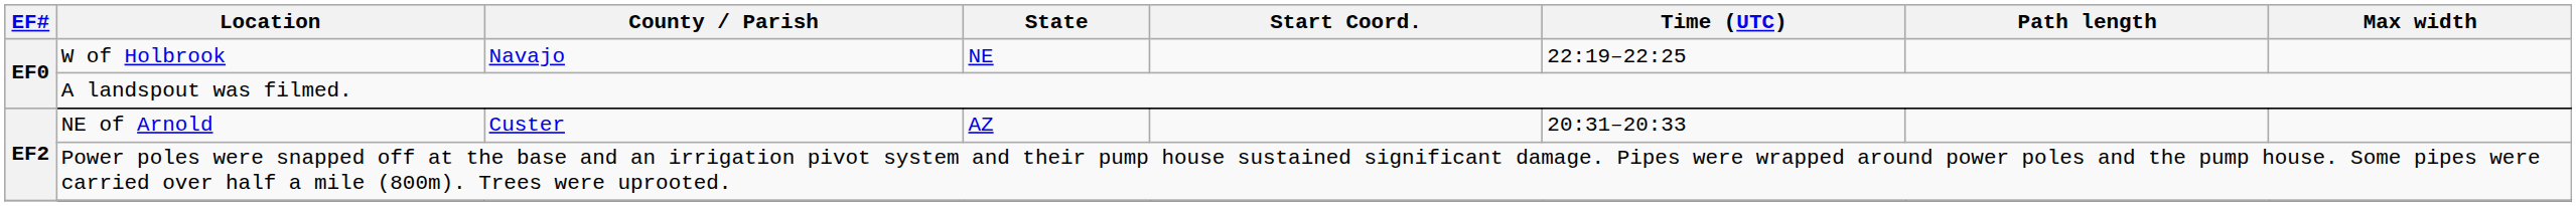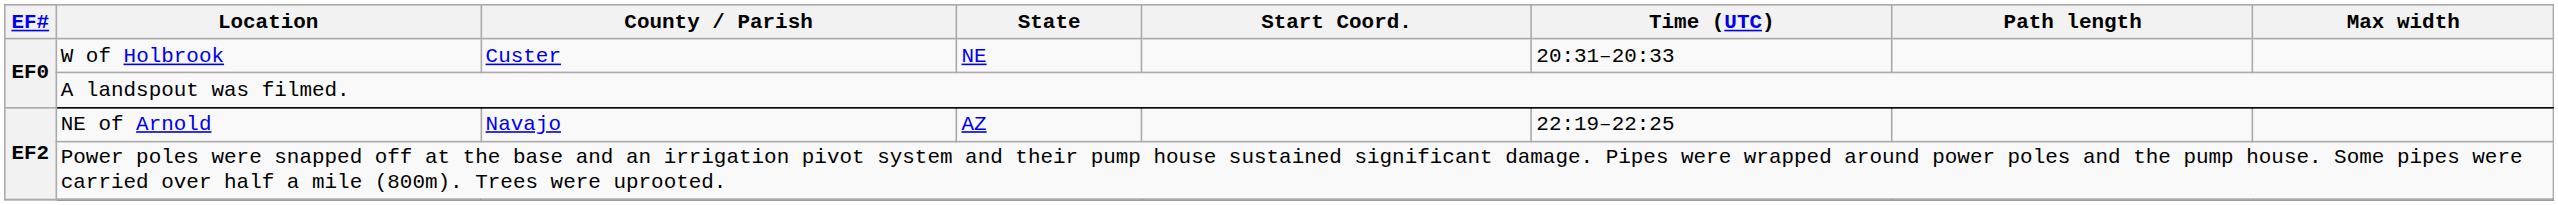 <table class="wikitable sortable" style="width:100%;">
 <tr>
 <th scope="col" width="2%" align="center"><a href='#'>EF#</a></th>
 <th scope="col" align="center" class="unsortable">Location</th>
 <th scope="col" align="center" class="unsortable">County / Parish</th>
 <th scope="col" align="center">State</th>
 <th scope="col" align="center">Start Coord.</th>
 <th scope="col" align="center">Time (<a href='#'>UTC</a>)</th>
 <th scope="col" align="center">Path length</th>
 <th scope="col" align="center">Max width</th>
 </tr>
 <tr>
 <th scope="row" rowspan="2" style="background-color:#">EF0</th>
 <td>W of <a href='#'>Holbrook</a></td>
-<td><a href='#'>Navajo</a></td>
+<td><a href='#'>Custer</a></td>
 <td><a href='#'>NE</a></td>
 <td></td>
-<td>22:19–22:25</td>
+<td>20:31–20:33</td>
 <td></td>
 <td></td>
 </tr>
 <tr class="expand-child">
 <td colspan="8" style=" border-bottom: 1px solid black;">A landspout was filmed.</td>
 </tr>
 <tr>
 <th scope="row" rowspan="2" style="background-color:#">EF2</th>
 <td>NE of <a href='#'>Arnold</a></td>
-<td><a href='#'>Custer</a></td>
+<td><a href='#'>Navajo</a></td>
 <td><a href='#'>AZ</a></td>
 <td></td>
-<td>20:31–20:33</td>
+<td>22:19–22:25</td>
 <td></td>
 <td></td>
 </tr>
 <tr class="expand-child">
 <td colspan="8" style=" border-bottom: 1px solid black;">Power poles were snapped off at the base and an irrigation pivot system and their pump house sustained significant damage. Pipes were wrapped around power poles and the pump house. Some pipes were carried over half a mile (800m). Trees were uprooted.</td>
 </tr>
 <tr>
 </tr>
 </table>
